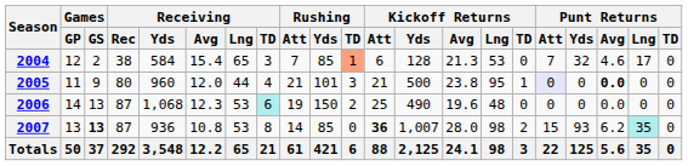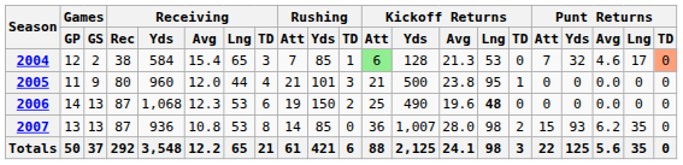 <table class="wikitable" style="text-align:center;">
 <tr>
 <th rowspan="2">Season</th>
 <th colspan="2">Games</th>
 <th colspan="5">Receiving</th>
 <th colspan="3">Rushing</th>
 <th colspan="5">Kickoff Returns</th>
 <th colspan="5">Punt Returns</th>
 </tr>
 <tr>
 <th>GP</th>
 <th>GS</th>
 <th>Rec</th>
 <th>Yds</th>
 <th>Avg</th>
 <th>Lng</th>
 <th>TD</th>
 <th>Att</th>
 <th>Yds</th>
 <th>TD</th>
 <th>Att</th>
 <th>Yds</th>
 <th>Avg</th>
 <th>Lng</th>
 <th>TD</th>
 <th>Att</th>
 <th>Yds</th>
 <th>Avg</th>
 <th>Lng</th>
 <th>TD</th>
 </tr>
 <tr>
 <th><a href='#'>2004</a></th>
 <td>12</td>
 <td>2</td>
 <td>38</td>
 <td>584</td>
 <td>15.4</td>
 <td>65</td>
 <td>3</td>
 <td>7</td>
 <td>85</td>
-<td style="background: lightsalmon;">1</td>
-<td>6</td>
+<td>1</td>
+<td style="background: lightgreen;">6</td>
 <td>128</td>
 <td>21.3</td>
 <td>53</td>
 <td>0</td>
 <td>7</td>
 <td>32</td>
 <td>4.6</td>
 <td>17</td>
-<td>0</td>
+<td style="background: lightsalmon;">0</td>
 </tr>
 <tr>
 <th><a href='#'>2005</a></th>
 <td>11</td>
 <td>9</td>
 <td>80</td>
 <td>960</td>
 <td>12.0</td>
 <td>44</td>
 <td>4</td>
 <td>21</td>
 <td>101</td>
 <td>3</td>
 <td>21</td>
 <td>500</td>
 <td>23.8</td>
 <td>95</td>
 <td>1</td>
-<td style="background: lavender;">0</td>
 <td>0</td>
-<td><strong>0.0</strong></td>
+<td>0</td>
+<td>0.0</td>
 <td>0</td>
 <td>0</td>
 </tr>
 <tr>
 <th><a href='#'>2006</a></th>
 <td>14</td>
 <td>13</td>
 <td>87</td>
 <td>1,068</td>
 <td>12.3</td>
 <td>53</td>
-<td style="background: paleturquoise;">6</td>
+<td>6</td>
 <td>19</td>
 <td>150</td>
 <td>2</td>
 <td>25</td>
 <td>490</td>
 <td>19.6</td>
-<td>48</td>
+<td><strong>48</strong></td>
 <td>0</td>
 <td>0</td>
 <td>0</td>
 <td>0.0</td>
 <td>0</td>
 <td>0</td>
 </tr>
 <tr>
 <th><a href='#'>2007</a></th>
 <td>13</td>
-<td><strong>13</strong></td>
+<td>13</td>
 <td>87</td>
 <td>936</td>
 <td>10.8</td>
 <td>53</td>
 <td>8</td>
 <td>14</td>
 <td>85</td>
 <td>0</td>
-<td><strong>36</strong></td>
+<td>36</td>
 <td>1,007</td>
 <td>28.0</td>
 <td>98</td>
 <td>2</td>
 <td>15</td>
 <td>93</td>
 <td>6.2</td>
-<td style="background: paleturquoise;">35</td>
+<td>35</td>
 <td>0</td>
 </tr>
 <tr>
 <th>Totals</th>
 <th>50</th>
 <th>37</th>
 <th>292</th>
 <th>3,548</th>
 <th>12.2</th>
 <th>65</th>
 <th>21</th>
 <th>61</th>
 <th>421</th>
 <th>6</th>
 <th>88</th>
 <th>2,125</th>
 <th>24.1</th>
 <th>98</th>
 <th>3</th>
 <th>22</th>
 <th>125</th>
 <th>5.6</th>
 <th>35</th>
 <th>0</th>
 </tr>
 </table>
